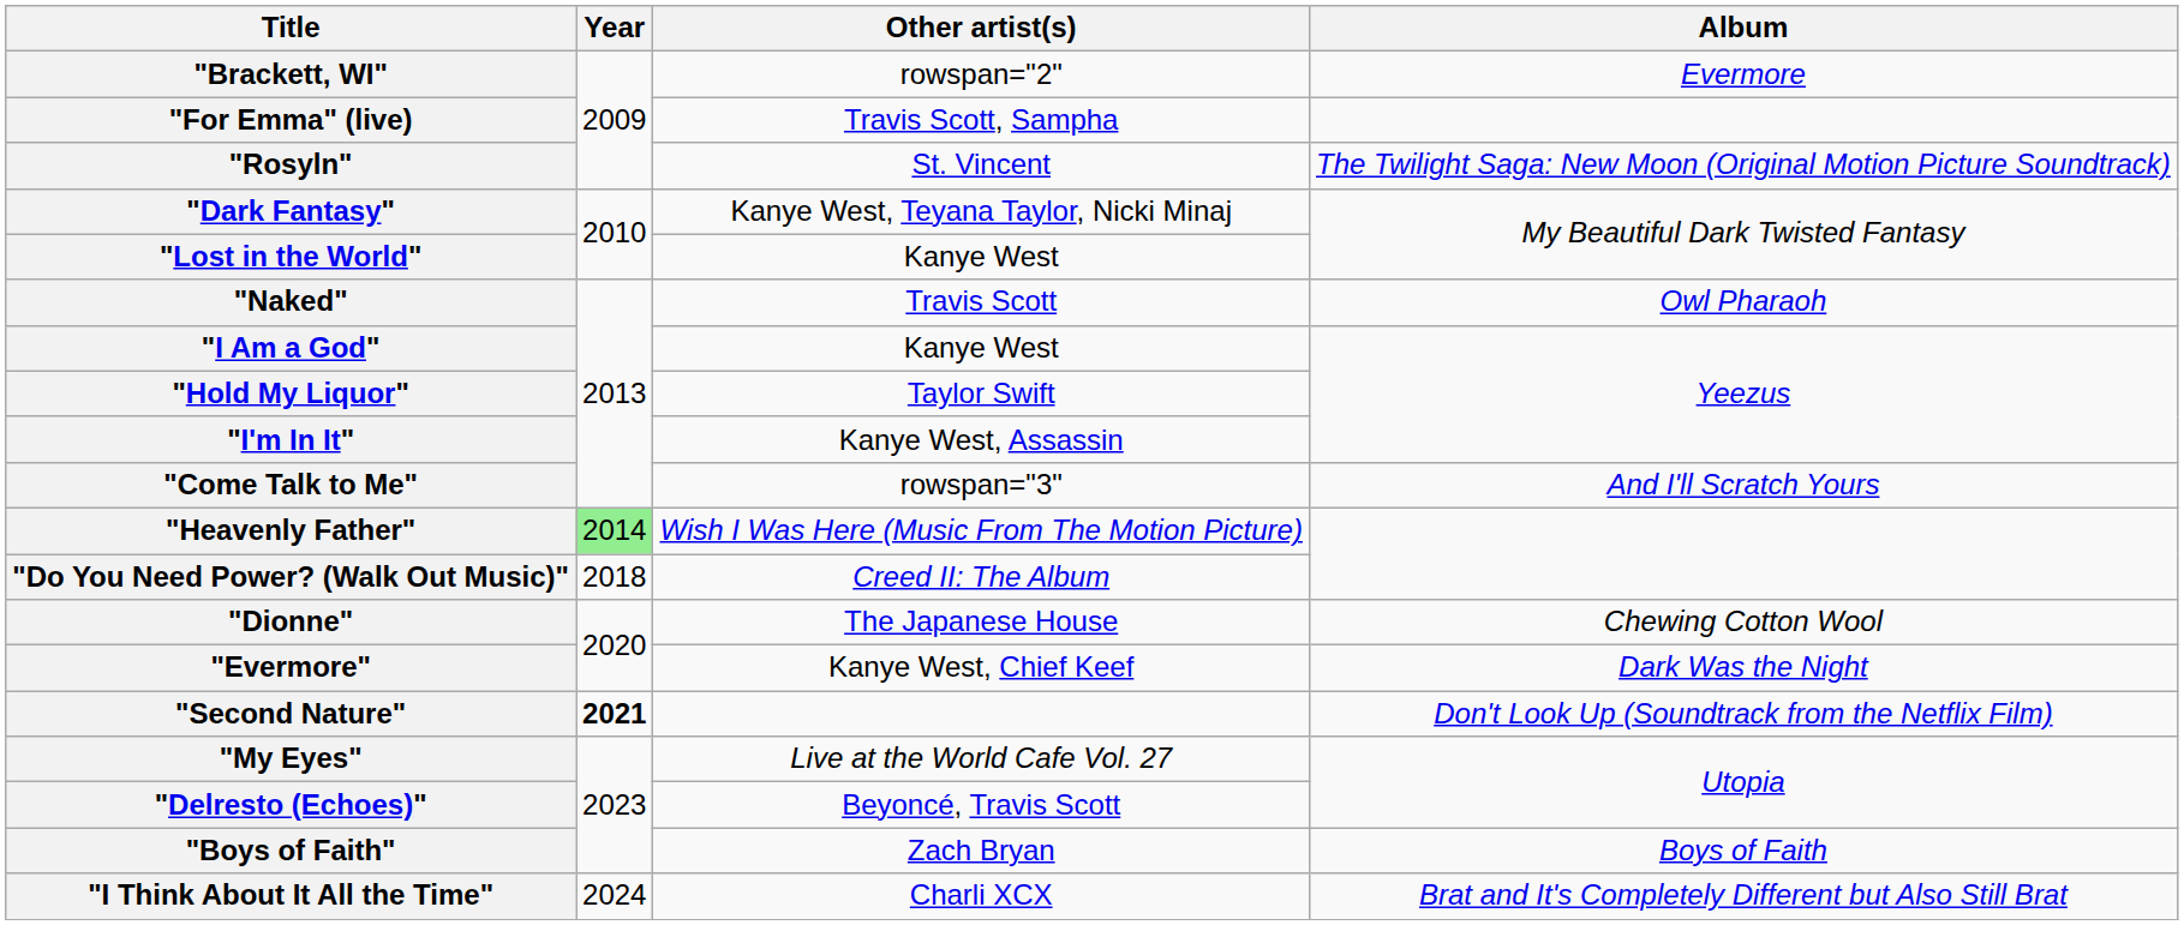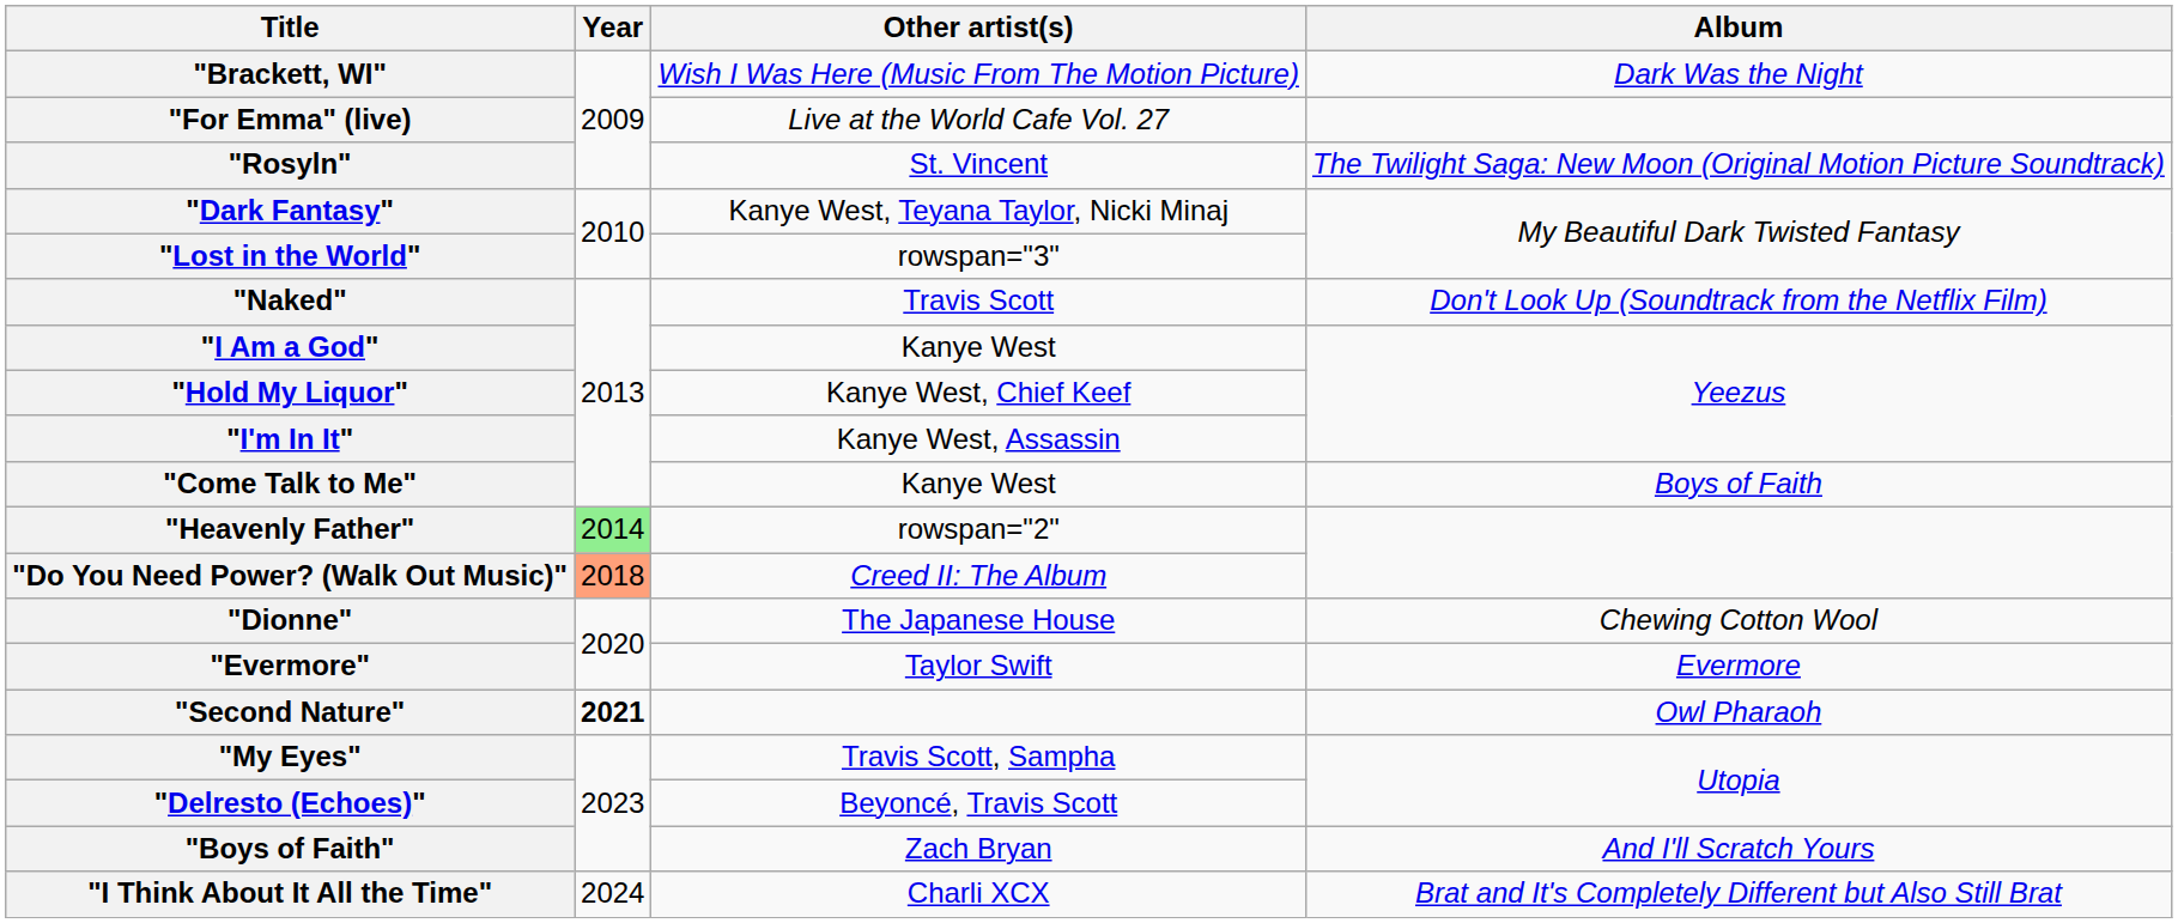 <table class="wikitable plainrowheaders" style="text-align:center;">
 <tr>
 <th scope="col">Title</th>
 <th scope="col">Year</th>
 <th scope="col">Other artist(s)</th>
 <th scope="col">Album</th>
 </tr>
 <tr>
 <th scope="row">"Brackett, WI"</th>
 <td rowspan="3">2009</td>
-<td>rowspan="2" </td>
-<td><em><a href='#'>Evermore</a></em></td>
+<td><em><a href='#'>Wish I Was Here (Music From The Motion Picture)</a></em></td>
+<td><em><a href='#'>Dark Was the Night</a></em></td>
 </tr>
 <tr>
 <th scope="row">"For Emma" (live)</th>
-<td><a href='#'>Travis Scott</a>, <a href='#'>Sampha</a></td>
+<td><em>Live at the World Cafe Vol. 27</em></td>
 </tr>
 <tr>
 <th scope="row">"Rosyln"</th>
 <td><a href='#'>St. Vincent</a></td>
 <td><em><a href='#'>The Twilight Saga: New Moon (Original Motion Picture Soundtrack)</a></em></td>
 </tr>
 <tr>
 <th scope="row">"<a href='#'>Dark Fantasy</a>"</th>
 <td rowspan="2">2010</td>
 <td>Kanye West, <a href='#'>Teyana Taylor</a>, Nicki Minaj</td>
 <td rowspan="2"><em>My Beautiful Dark Twisted Fantasy</em></td>
 </tr>
 <tr>
 <th scope="row">"<a href='#'>Lost in the World</a>"</th>
-<td>Kanye West</td>
+<td>rowspan="3" </td>
 </tr>
 <tr>
 <th scope="row">"Naked"</th>
 <td rowspan="5">2013</td>
 <td><a href='#'>Travis Scott</a></td>
-<td><em><a href='#'>Owl Pharaoh</a></em></td>
+<td><em><a href='#'>Don't Look Up (Soundtrack from the Netflix Film)</a></em></td>
 </tr>
 <tr>
 <th scope="row">"<a href='#'>I Am a God</a>"</th>
 <td>Kanye West</td>
 <td rowspan="3"><em><a href='#'>Yeezus</a></em></td>
 </tr>
 <tr>
 <th scope="row">"<a href='#'>Hold My Liquor</a>"</th>
-<td><a href='#'>Taylor Swift</a></td>
+<td>Kanye West, <a href='#'>Chief Keef</a></td>
 </tr>
 <tr>
 <th scope="row">"<a href='#'>I'm In It</a>"</th>
 <td>Kanye West, <a href='#'>Assassin</a></td>
 </tr>
 <tr>
 <th scope="row">"Come Talk to Me"</th>
-<td>rowspan="3" </td>
-<td><em><a href='#'>And I'll Scratch Yours</a></em></td>
+<td>Kanye West</td>
+<td><em><a href='#'>Boys of Faith</a></em></td>
 </tr>
 <tr>
 <th scope="row">"Heavenly Father"</th>
 <td style="background: lightgreen;">2014</td>
-<td><em><a href='#'>Wish I Was Here (Music From The Motion Picture)</a></em></td>
+<td>rowspan="2" </td>
 </tr>
 <tr>
 <th scope="row">"Do You Need Power? (Walk Out Music)"</th>
-<td>2018</td>
+<td style="background: lightsalmon;">2018</td>
 <td><em><a href='#'>Creed II: The Album</a></em></td>
 </tr>
 <tr>
 <th scope="row">"Dionne"</th>
 <td rowspan="2">2020</td>
 <td><a href='#'>The Japanese House</a></td>
 <td><em>Chewing Cotton Wool</em></td>
 </tr>
 <tr>
 <th scope="row">"Evermore"</th>
-<td>Kanye West, <a href='#'>Chief Keef</a></td>
-<td><em><a href='#'>Dark Was the Night</a></em></td>
+<td><a href='#'>Taylor Swift</a></td>
+<td><em><a href='#'>Evermore</a></em></td>
 </tr>
 <tr>
 <th scope="row">"Second Nature"</th>
 <td><strong>2021</strong></td>
 <td></td>
-<td><em><a href='#'>Don't Look Up (Soundtrack from the Netflix Film)</a></em></td>
+<td><em><a href='#'>Owl Pharaoh</a></em></td>
 </tr>
 <tr>
 <th scope="row">"My Eyes"</th>
 <td rowspan="3">2023</td>
-<td><em>Live at the World Cafe Vol. 27</em></td>
+<td><a href='#'>Travis Scott</a>, <a href='#'>Sampha</a></td>
 <td rowspan="2"><em><a href='#'>Utopia</a></em></td>
 </tr>
 <tr>
 <th scope="row">"<a href='#'>Delresto (Echoes)</a>"</th>
 <td><a href='#'>Beyoncé</a>, <a href='#'>Travis Scott</a></td>
 </tr>
 <tr>
 <th scope="row">"Boys of Faith"</th>
 <td><a href='#'>Zach Bryan</a></td>
-<td><em><a href='#'>Boys of Faith</a></em></td>
+<td><em><a href='#'>And I'll Scratch Yours</a></em></td>
 </tr>
 <tr>
 <th scope="row">"I Think About It All the Time"</th>
 <td>2024</td>
 <td><a href='#'>Charli XCX</a></td>
 <td><em><a href='#'>Brat and It's Completely Different but Also Still Brat</a></em></td>
 </tr>
 </table>
